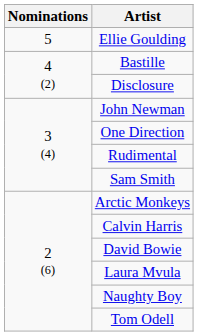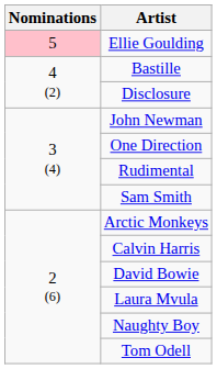 <table class="wikitable" rowspan="2" style="text-align:center;">
 <tr>
 <th scope="col" style="width:55px;">Nominations</th>
 <th scope="col" style="text-align:center;">Artist</th>
 </tr>
 <tr>
-<td>5</td>
+<td style="background: pink;">5</td>
 <td><a href='#'>Ellie Goulding</a></td>
 </tr>
 <tr>
 <td rowspan="2">4<br><small>(2)</small></td>
 <td><a href='#'>Bastille</a></td>
 </tr>
 <tr>
 <td><a href='#'>Disclosure</a></td>
 </tr>
 <tr>
 <td rowspan="4">3<br><small>(4)</small></td>
 <td><a href='#'>John Newman</a></td>
 </tr>
 <tr>
 <td><a href='#'>One Direction</a></td>
 </tr>
 <tr>
 <td><a href='#'>Rudimental</a></td>
 </tr>
 <tr>
 <td><a href='#'>Sam Smith</a></td>
 </tr>
 <tr>
 <td rowspan="6">2<br><small>(6)</small></td>
 <td><a href='#'>Arctic Monkeys</a></td>
 </tr>
 <tr>
 <td><a href='#'>Calvin Harris</a></td>
 </tr>
 <tr>
 <td><a href='#'>David Bowie</a></td>
 </tr>
 <tr>
 <td><a href='#'>Laura Mvula</a></td>
 </tr>
 <tr>
 <td><a href='#'>Naughty Boy</a></td>
 </tr>
 <tr>
 <td><a href='#'>Tom Odell</a></td>
 </tr>
 </table>
